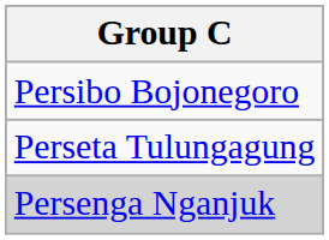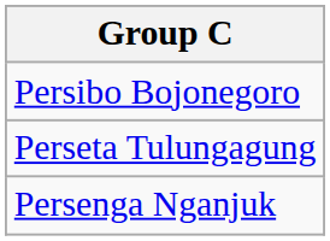 <table class="wikitable">
 <tr>
 <th><strong>Group C</strong></th>
 </tr>
 <tr>
 <td><a href='#'>Persibo Bojonegoro</a></td>
 </tr>
 <tr>
 <td><a href='#'>Perseta Tulungagung</a></td>
 </tr>
 <tr>
-<td style="background: lightgrey;"><a href='#'>Persenga Nganjuk</a></td>
+<td><a href='#'>Persenga Nganjuk</a></td>
 </tr>
 </table>
